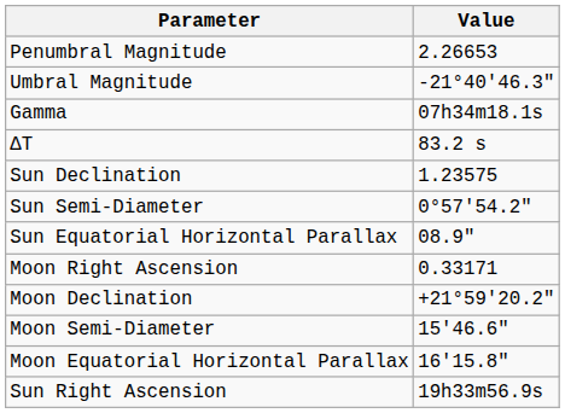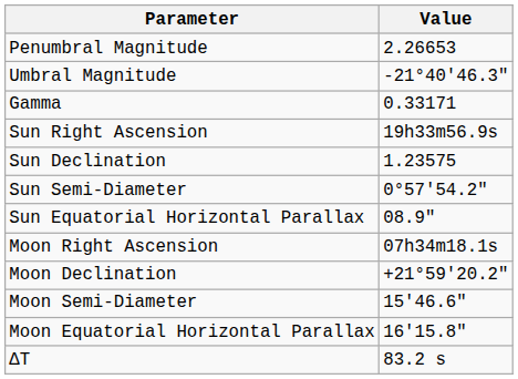 <table class="wikitable">
 <tr>
 <th>Parameter</th>
 <th>Value</th>
 </tr>
 <tr>
 <td>Penumbral Magnitude</td>
 <td>2.26653</td>
 </tr>
 <tr>
 <td>Umbral Magnitude</td>
 <td>-21°40'46.3"</td>
 </tr>
 <tr>
 <td>Gamma</td>
-<td>07h34m18.1s</td>
+<td>0.33171</td>
 </tr>
 <tr>
-<td>ΔT</td>
-<td>83.2 s</td>
+<td>Sun Right Ascension</td>
+<td>19h33m56.9s</td>
 </tr>
 <tr>
 <td>Sun Declination</td>
 <td>1.23575</td>
 </tr>
 <tr>
 <td>Sun Semi-Diameter</td>
 <td>0°57'54.2"</td>
 </tr>
 <tr>
 <td>Sun Equatorial Horizontal Parallax</td>
 <td>08.9"</td>
 </tr>
 <tr>
 <td>Moon Right Ascension</td>
-<td>0.33171</td>
+<td>07h34m18.1s</td>
 </tr>
 <tr>
 <td>Moon Declination</td>
 <td>+21°59'20.2"</td>
 </tr>
 <tr>
 <td>Moon Semi-Diameter</td>
 <td>15'46.6"</td>
 </tr>
 <tr>
 <td>Moon Equatorial Horizontal Parallax</td>
 <td>16'15.8"</td>
 </tr>
 <tr>
-<td>Sun Right Ascension</td>
-<td>19h33m56.9s</td>
+<td>ΔT</td>
+<td>83.2 s</td>
 </tr>
 </table>
